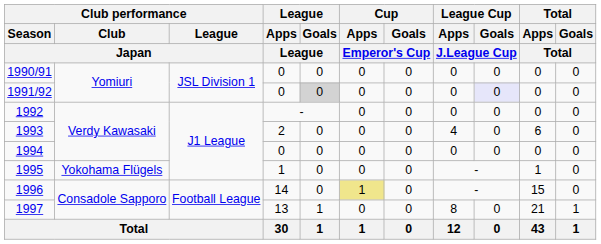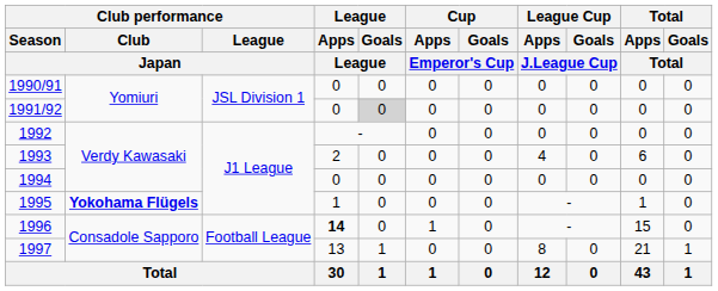 <table class="wikitable" style="text-align:center;">
 <tr>
 <th colspan=3>Club performance</th>
 <th colspan=2>League</th>
 <th colspan=2>Cup</th>
 <th colspan=2>League Cup</th>
 <th colspan=2>Total</th>
 </tr>
 <tr>
 <th>Season</th>
 <th>Club</th>
 <th>League</th>
 <th>Apps</th>
 <th>Goals</th>
 <th>Apps</th>
 <th>Goals</th>
 <th>Apps</th>
 <th>Goals</th>
 <th>Apps</th>
 <th>Goals</th>
 </tr>
 <tr>
 <th colspan=3>Japan</th>
 <th colspan=2>League</th>
 <th colspan=2><a href='#'>Emperor's Cup</a></th>
 <th colspan=2><a href='#'>J.League Cup</a></th>
 <th colspan=2>Total</th>
 </tr>
 <tr>
 <td><a href='#'>1990/91</a></td>
 <td rowspan="2"><a href='#'>Yomiuri</a></td>
 <td rowspan="2"><a href='#'>JSL Division 1</a></td>
 <td>0</td>
 <td>0</td>
 <td>0</td>
 <td>0</td>
 <td>0</td>
 <td>0</td>
 <td>0</td>
 <td>0</td>
 </tr>
 <tr>
 <td><a href='#'>1991/92</a></td>
 <td>0</td>
 <td style="background: lightgrey;">0</td>
 <td>0</td>
 <td>0</td>
 <td>0</td>
-<td style="background: lavender;">0</td>
+<td>0</td>
 <td>0</td>
 <td>0</td>
 </tr>
 <tr>
 <td><a href='#'>1992</a></td>
 <td rowspan="3"><a href='#'>Verdy Kawasaki</a></td>
 <td rowspan="4"><a href='#'>J1 League</a></td>
 <td colspan="2">-</td>
 <td>0</td>
 <td>0</td>
 <td>0</td>
 <td>0</td>
 <td>0</td>
 <td>0</td>
 </tr>
 <tr>
 <td><a href='#'>1993</a></td>
 <td>2</td>
 <td>0</td>
 <td>0</td>
 <td>0</td>
 <td>4</td>
 <td>0</td>
 <td>6</td>
 <td>0</td>
 </tr>
 <tr>
 <td><a href='#'>1994</a></td>
 <td>0</td>
 <td>0</td>
 <td>0</td>
 <td>0</td>
 <td>0</td>
 <td>0</td>
 <td>0</td>
 <td>0</td>
 </tr>
 <tr>
 <td><a href='#'>1995</a></td>
-<td><a href='#'>Yokohama Flügels</a></td>
+<td><strong><a href='#'>Yokohama Flügels</a></strong></td>
 <td>1</td>
 <td>0</td>
 <td>0</td>
 <td>0</td>
 <td colspan="2">-</td>
 <td>1</td>
 <td>0</td>
 </tr>
 <tr>
 <td><a href='#'>1996</a></td>
 <td rowspan="2"><a href='#'>Consadole Sapporo</a></td>
 <td rowspan="2"><a href='#'>Football League</a></td>
-<td>14</td>
+<td><strong>14</strong></td>
 <td>0</td>
-<td style="background: khaki;">1</td>
+<td>1</td>
 <td>0</td>
 <td colspan="2">-</td>
 <td>15</td>
 <td>0</td>
 </tr>
 <tr>
 <td><a href='#'>1997</a></td>
 <td>13</td>
 <td>1</td>
 <td>0</td>
 <td>0</td>
 <td>8</td>
 <td>0</td>
 <td>21</td>
 <td>1</td>
 </tr>
 <tr>
 <th colspan=3>Total</th>
 <th>30</th>
 <th>1</th>
 <th>1</th>
 <th>0</th>
 <th>12</th>
 <th>0</th>
 <th>43</th>
 <th>1</th>
 </tr>
 </table>
